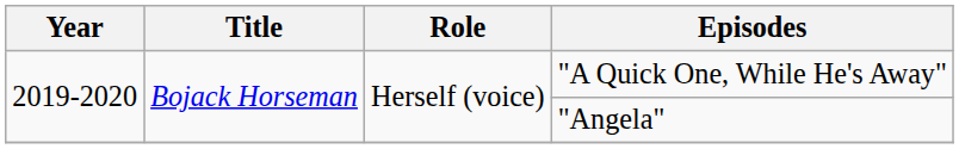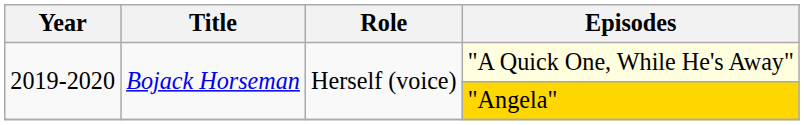 <table class="wikitable">
 <tr>
 <th>Year</th>
 <th>Title</th>
 <th>Role</th>
 <th>Episodes</th>
 </tr>
 <tr>
 <td rowspan=2>2019-2020</td>
 <td rowspan=2><em><a href='#'>Bojack Horseman</a></em></td>
 <td rowspan=2>Herself (voice)</td>
-<td>"A Quick One, While He's Away"</td>
+<td style="background: lightyellow;">"A Quick One, While He's Away"</td>
 </tr>
 <tr>
-<td>"Angela"</td>
+<td style="background: gold;">"Angela"</td>
 </tr>
 <tr>
 </tr>
 </table>
